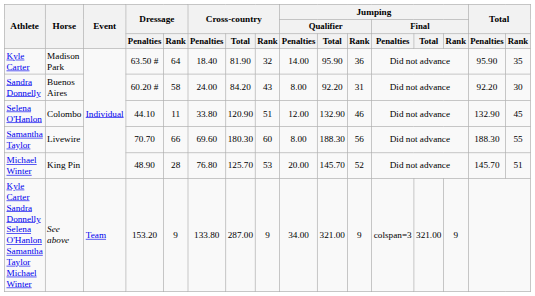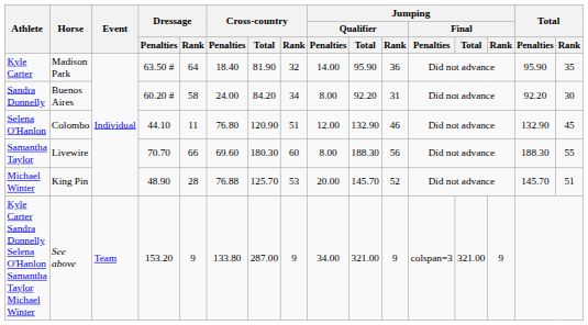 <table class=wikitable style="font-size:90%">
 <tr>
 <th rowspan="3">Athlete</th>
 <th rowspan="3">Horse</th>
 <th rowspan="3">Event</th>
 <th colspan="2" rowspan="2">Dressage</th>
 <th colspan="3" rowspan="2">Cross-country</th>
 <th colspan="6">Jumping</th>
 <th colspan="2" rowspan="2">Total</th>
 </tr>
 <tr style="font-size:95%">
 <th colspan="3">Qualifier</th>
 <th colspan="3">Final</th>
 </tr>
 <tr style="font-size:95%">
 <th>Penalties</th>
 <th>Rank</th>
 <th>Penalties</th>
 <th>Total</th>
 <th>Rank</th>
 <th>Penalties</th>
 <th>Total</th>
 <th>Rank</th>
 <th>Penalties</th>
 <th>Total</th>
 <th>Rank</th>
 <th>Penalties</th>
 <th>Rank</th>
 </tr>
 <tr align=center>
 <td align=left><a href='#'>Kyle Carter</a></td>
 <td align=left>Madison Park</td>
 <td align=left rowspan=5><a href='#'>Individual</a></td>
 <td>63.50 #</td>
 <td>64</td>
 <td>18.40</td>
 <td>81.90</td>
 <td>32</td>
 <td>14.00</td>
 <td>95.90</td>
 <td>36</td>
 <td colspan=3>Did not advance</td>
 <td>95.90</td>
 <td>35</td>
 </tr>
 <tr align=center>
 <td align=left><a href='#'>Sandra Donnelly</a></td>
 <td align=left>Buenos Aires</td>
 <td>60.20 #</td>
 <td>58</td>
 <td>24.00</td>
 <td>84.20</td>
-<td>43</td>
+<td>34</td>
 <td>8.00</td>
 <td>92.20</td>
 <td>31</td>
 <td colspan=3>Did not advance</td>
 <td>92.20</td>
 <td>30</td>
 </tr>
 <tr align=center>
 <td align=left><a href='#'>Selena O'Hanlon</a></td>
 <td align=left>Colombo</td>
 <td>44.10</td>
 <td>11</td>
-<td>33.80</td>
+<td>76.80</td>
 <td>120.90</td>
 <td>51</td>
 <td>12.00</td>
 <td>132.90</td>
 <td>46</td>
 <td colspan=3>Did not advance</td>
 <td>132.90</td>
 <td>45</td>
 </tr>
 <tr align=center>
 <td align=left><a href='#'>Samantha Taylor</a></td>
 <td align=left>Livewire</td>
 <td>70.70</td>
 <td>66</td>
 <td>69.60</td>
 <td>180.30</td>
 <td>60</td>
 <td>8.00</td>
 <td>188.30</td>
 <td>56</td>
 <td colspan=3>Did not advance</td>
 <td>188.30</td>
 <td>55</td>
 </tr>
 <tr align=center>
 <td align=left><a href='#'>Michael Winter</a></td>
 <td align=left>King Pin</td>
 <td>48.90</td>
 <td>28</td>
-<td>76.80</td>
+<td>76.88</td>
 <td>125.70</td>
 <td>53</td>
 <td>20.00</td>
 <td>145.70</td>
 <td>52</td>
 <td colspan=3>Did not advance</td>
 <td>145.70</td>
 <td>51</td>
 </tr>
 <tr align=center>
 <td align=left><a href='#'>Kyle Carter</a><br><a href='#'>Sandra Donnelly</a><br><a href='#'>Selena O'Hanlon</a><br><a href='#'>Samantha Taylor</a><br><a href='#'>Michael Winter</a></td>
 <td align=left><em>See above</em></td>
 <td align=left><a href='#'>Team</a></td>
 <td>153.20</td>
 <td>9</td>
 <td>133.80</td>
 <td>287.00</td>
 <td>9</td>
 <td>34.00</td>
 <td>321.00</td>
 <td>9</td>
 <td>colspan=3 </td>
 <td>321.00</td>
 <td>9</td>
 </tr>
 </table>
